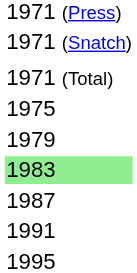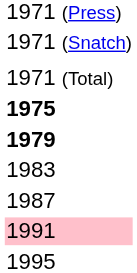 <table>
 <tr>
 <td>1971 <small>(<a href='#'>Press</a>)</small></td>
 <td></td>
 <td></td>
 <td></td>
 </tr>
 <tr>
 <td>1971 <small>(<a href='#'>Snatch</a>)</small></td>
 <td></td>
 <td></td>
 <td></td>
 </tr>
 <tr>
 <td></td>
 <td></td>
 <td></td>
 <td></td>
 </tr>
 <tr>
 <td>1971 <small>(Total)</small></td>
 <td></td>
 <td></td>
 <td></td>
 </tr>
 <tr>
-<td>1975</td>
+<td><strong>1975</strong></td>
 <td></td>
 <td></td>
 <td></td>
 </tr>
 <tr>
-<td>1979</td>
+<td><strong>1979</strong></td>
 <td></td>
 <td></td>
 <td></td>
 </tr>
 <tr>
-<td style="background: lightgreen;">1983</td>
+<td>1983</td>
 <td></td>
 <td></td>
 <td></td>
 </tr>
 <tr>
 <td>1987</td>
 <td></td>
 <td></td>
 <td></td>
 </tr>
 <tr>
-<td>1991</td>
+<td style="background: pink;">1991</td>
 <td></td>
 <td></td>
 <td></td>
 </tr>
 <tr>
 <td>1995</td>
 <td></td>
 <td></td>
 <td></td>
 </tr>
 </table>
